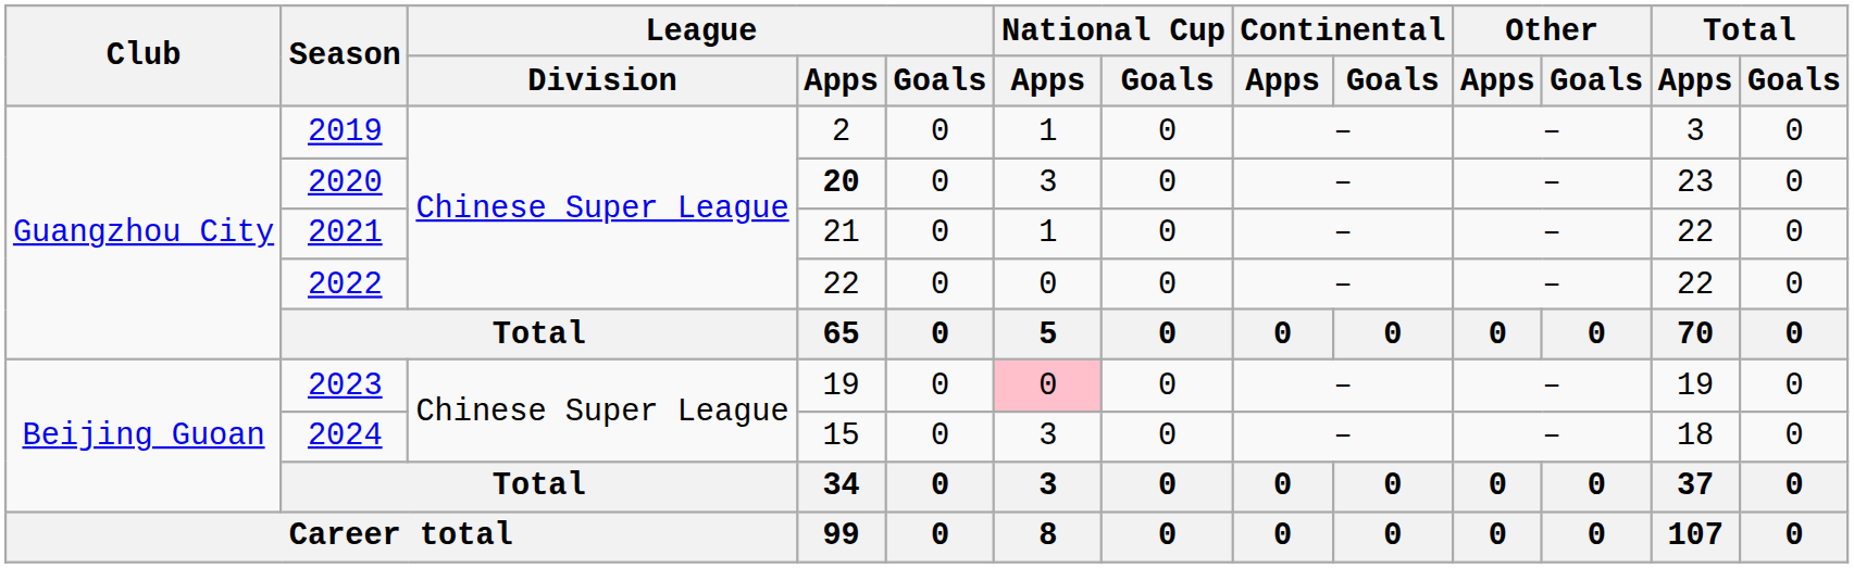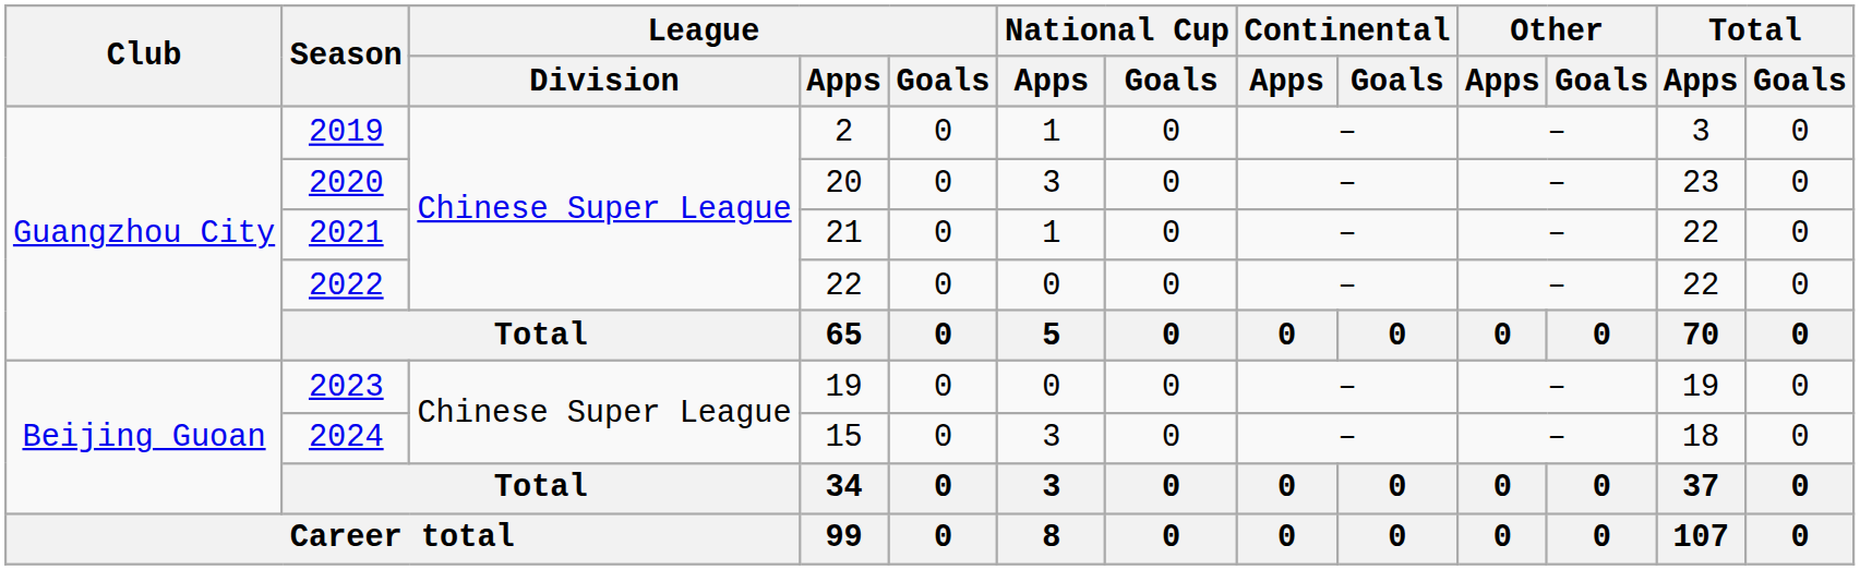 <table class="wikitable" style="text-align: center">
 <tr>
 <th rowspan="2">Club</th>
 <th rowspan="2">Season</th>
 <th colspan="3">League</th>
 <th colspan="2">National Cup</th>
 <th colspan="2">Continental</th>
 <th colspan="2">Other</th>
 <th colspan="2">Total</th>
 </tr>
 <tr>
 <th>Division</th>
 <th>Apps</th>
 <th>Goals</th>
 <th>Apps</th>
 <th>Goals</th>
 <th>Apps</th>
 <th>Goals</th>
 <th>Apps</th>
 <th>Goals</th>
 <th>Apps</th>
 <th>Goals</th>
 </tr>
 <tr>
 <td rowspan=5><a href='#'>Guangzhou City</a></td>
 <td><a href='#'>2019</a></td>
 <td rowspan="4"><a href='#'>Chinese Super League</a></td>
 <td>2</td>
 <td>0</td>
 <td>1</td>
 <td>0</td>
 <td colspan="2">–</td>
 <td colspan="2">–</td>
 <td>3</td>
 <td>0</td>
 </tr>
 <tr>
 <td><a href='#'>2020</a></td>
-<td><strong>20</strong></td>
+<td>20</td>
 <td>0</td>
 <td>3</td>
 <td>0</td>
 <td colspan="2">–</td>
 <td colspan="2">–</td>
 <td>23</td>
 <td>0</td>
 </tr>
 <tr>
 <td><a href='#'>2021</a></td>
 <td>21</td>
 <td>0</td>
 <td>1</td>
 <td>0</td>
 <td colspan="2">–</td>
 <td colspan="2">–</td>
 <td>22</td>
 <td>0</td>
 </tr>
 <tr>
 <td><a href='#'>2022</a></td>
 <td>22</td>
 <td>0</td>
 <td>0</td>
 <td>0</td>
 <td colspan="2">–</td>
 <td colspan="2">–</td>
 <td>22</td>
 <td>0</td>
 </tr>
 <tr>
 <th colspan=2>Total</th>
 <th>65</th>
 <th>0</th>
 <th>5</th>
 <th>0</th>
 <th>0</th>
 <th>0</th>
 <th>0</th>
 <th>0</th>
 <th>70</th>
 <th>0</th>
 </tr>
 <tr>
 <td rowspan=3><a href='#'>Beijing Guoan</a></td>
 <td><a href='#'>2023</a></td>
 <td rowspan="2">Chinese Super League</td>
 <td>19</td>
 <td>0</td>
-<td style="background: pink;">0</td>
+<td>0</td>
 <td>0</td>
 <td colspan="2">–</td>
 <td colspan="2">–</td>
 <td>19</td>
 <td>0</td>
 </tr>
 <tr>
 <td><a href='#'>2024</a></td>
 <td>15</td>
 <td>0</td>
 <td>3</td>
 <td>0</td>
 <td colspan="2">–</td>
 <td colspan="2">–</td>
 <td>18</td>
 <td>0</td>
 </tr>
 <tr>
 <th colspan=2>Total</th>
 <th>34</th>
 <th>0</th>
 <th>3</th>
 <th>0</th>
 <th>0</th>
 <th>0</th>
 <th>0</th>
 <th>0</th>
 <th>37</th>
 <th>0</th>
 </tr>
 <tr>
 <th colspan=3>Career total</th>
 <th>99</th>
 <th>0</th>
 <th>8</th>
 <th>0</th>
 <th>0</th>
 <th>0</th>
 <th>0</th>
 <th>0</th>
 <th>107</th>
 <th>0</th>
 </tr>
 </table>
